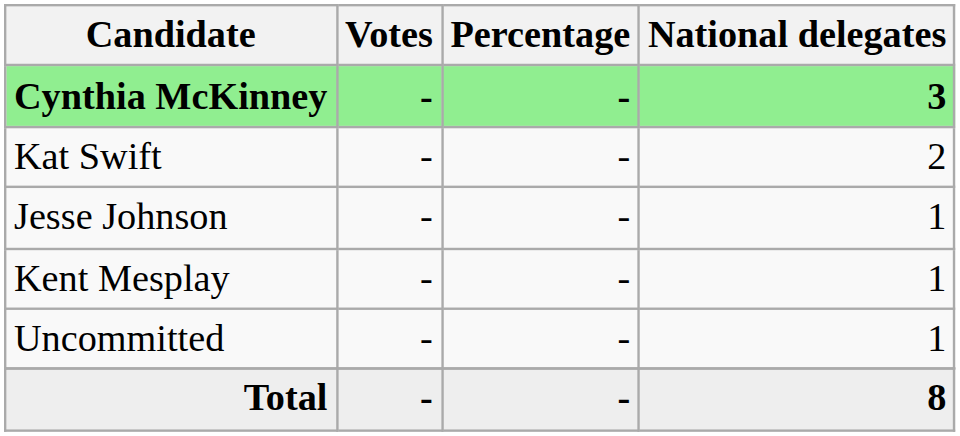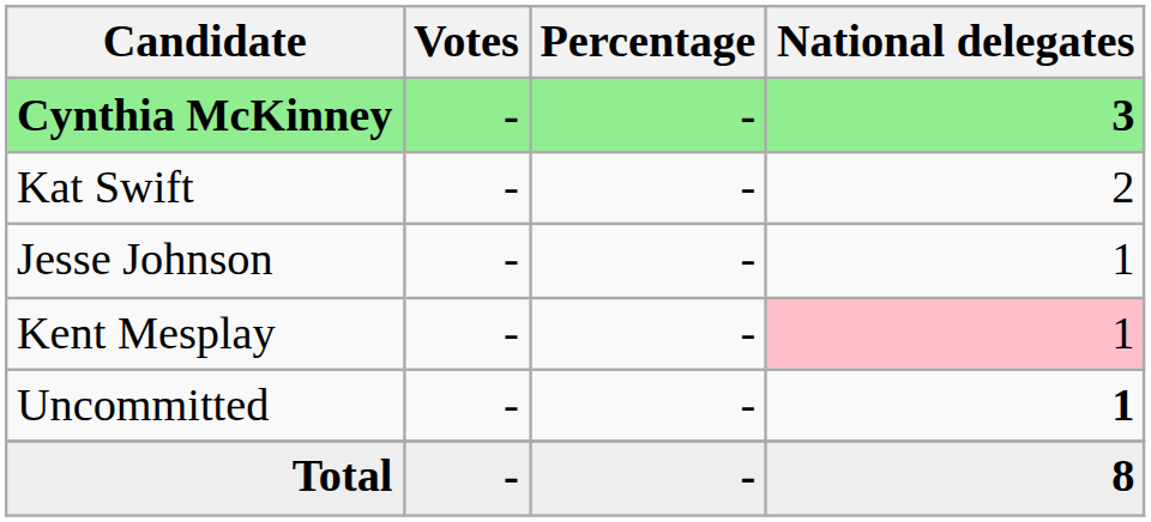 <table class="wikitable" style=" text-align:right;">
 <tr>
 <th>Candidate</th>
 <th>Votes</th>
 <th>Percentage</th>
 <th>National delegates</th>
 </tr>
 <tr style="background:lightgreen;">
 <td style="text-align:left;"><strong>Cynthia McKinney</strong></td>
 <td><strong>-</strong></td>
 <td><strong>-</strong></td>
 <td><strong>3</strong></td>
 </tr>
 <tr>
 <td style="text-align:left;">Kat Swift</td>
 <td>-</td>
 <td>-</td>
 <td>2</td>
 </tr>
 <tr>
 <td style="text-align:left;">Jesse Johnson</td>
 <td>-</td>
 <td>-</td>
 <td>1</td>
 </tr>
 <tr>
 <td style="text-align:left;">Kent Mesplay</td>
 <td>-</td>
 <td>-</td>
-<td>1</td>
+<td style="background: pink;">1</td>
 </tr>
 <tr>
 <td style="text-align:left;">Uncommitted</td>
 <td>-</td>
 <td>-</td>
-<td>1</td>
+<td><strong>1</strong></td>
 </tr>
 <tr>
 </tr>
 <tr style="background:#eee;">
 <td style="margin-right:0.50px"><strong>Total</strong></td>
 <td style="margin-right:0.50px"><strong>-</strong></td>
 <td style="margin-right:0.50px"><strong>-</strong></td>
 <td style="margin-right:0.50px"><strong>8</strong></td>
 </tr>
 </table>
